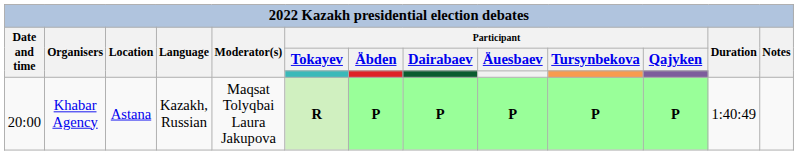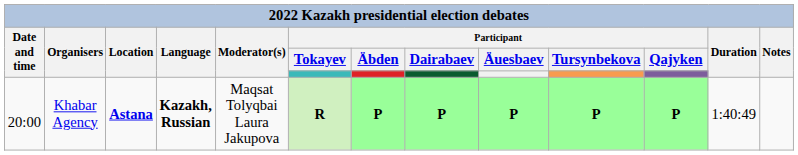 <table class="wikitable" style="text-justify: none">
 <tr>
 <th colspan="19" style="background:#B0C4DE">2022 Kazakh presidential election debates</th>
 </tr>
 <tr style="font-size:small;">
 <th rowspan="3">Date and time</th>
 <th rowspan="3">Organisers</th>
 <th rowspan="3">Location</th>
 <th rowspan="3">Language</th>
 <th rowspan="3">Moderator(s)</th>
 <th colspan="6"><small> Participant </small> </th>
 <th rowspan="3">Duration</th>
 <th rowspan="3">Notes</th>
 </tr>
 <tr>
 <th style="width:6em;"><a href='#'>Tokayev</a></th>
 <th style="width:6em;"><a href='#'>Äbden</a></th>
 <th style="width:6em;"><a href='#'>Dairabaev</a></th>
 <th style="width:6em;"><a href='#'>Äuesbaev</a></th>
 <th style="width:6em;"><a href='#'>Tursynbekova</a></th>
 <th style="width:6em;"><a href='#'>Qajyken</a></th>
 </tr>
 <tr>
 <th style="background-color:#3AB9B9;"></th>
 <th style="background-color:#DF2127;"></th>
 <th style="background-color:#0A5C2F;"></th>
 <th style="background-color:"></th>
 <th style="background-color:#F89B4F;"></th>
 <th style="background-color:#7D5D9C;"></th>
 </tr>
 <tr>
 <td style="text-align:center;"><br>20:00</td>
 <td style="text-align:center;"><a href='#'>Khabar Agency</a></td>
-<td style="text-align:center;"><a href='#'>Astana</a></td>
-<td style="text-align:center;">Kazakh, Russian</td>
+<td style="text-align:center;"><strong><a href='#'>Astana</a></strong></td>
+<td style="text-align:center;"><strong>Kazakh, Russian</strong></td>
 <td style="text-align:center;">Maqsat Tolyqbai<br>Laura Jakupova</td>
 <td style="background-color:#D0F0C0; color:black; text-align:center;"><strong>R</strong></td>
 <td style="background-color:#99ff99; color:black; text-align:center;"><strong>P</strong></td>
 <td style="background-color:#99ff99; color:black; text-align:center;"><strong>P</strong></td>
 <td style="background-color:#99ff99; color:black; text-align:center;"><strong>P</strong></td>
 <td style="background-color:#99ff99; color:black; text-align:center;"><strong>P</strong></td>
 <td style="background-color:#99ff99; color:black; text-align:center;"><strong>P</strong></td>
 <td style="text-align:center;">1:40:49</td>
 <td style="text-align:center;"></td>
 </tr>
 </table>
